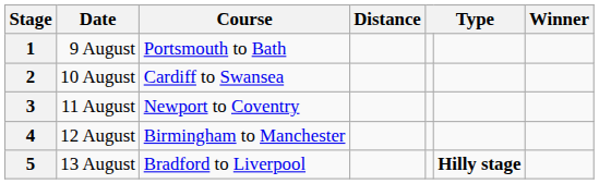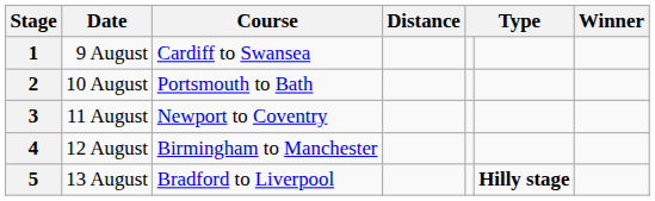 <table class="wikitable">
 <tr>
 <th scope="col">Stage</th>
 <th scope="col">Date</th>
 <th scope="col">Course</th>
 <th scope="col">Distance</th>
 <th scope="col" colspan="2">Type</th>
 <th scope="col">Winner</th>
 </tr>
 <tr>
 <th scope="row">1</th>
 <td style="text-align:right;">9 August</td>
-<td><a href='#'>Portsmouth</a> to <a href='#'>Bath</a></td>
+<td><a href='#'>Cardiff</a> to <a href='#'>Swansea</a></td>
 <td></td>
 <td></td>
 <td></td>
 <td></td>
 </tr>
 <tr>
 <th scope="row">2</th>
 <td style="text-align:right;">10 August</td>
-<td><a href='#'>Cardiff</a> to <a href='#'>Swansea</a></td>
+<td><a href='#'>Portsmouth</a> to <a href='#'>Bath</a></td>
 <td></td>
 <td></td>
 <td></td>
 <td></td>
 </tr>
 <tr>
 <th scope="row">3</th>
 <td style="text-align:right;">11 August</td>
 <td><a href='#'>Newport</a> to <a href='#'>Coventry</a></td>
 <td></td>
 <td></td>
 <td></td>
 <td></td>
 </tr>
 <tr>
 <th scope="row">4</th>
 <td style="text-align:right;">12 August</td>
 <td><a href='#'>Birmingham</a> to <a href='#'>Manchester</a></td>
 <td></td>
 <td></td>
 <td></td>
 <td></td>
 </tr>
 <tr>
 <th scope="row">5</th>
 <td style="text-align:right;">13 August</td>
 <td><a href='#'>Bradford</a> to <a href='#'>Liverpool</a></td>
 <td></td>
 <td></td>
 <td><strong>Hilly stage</strong></td>
 <td></td>
 </tr>
 </table>
